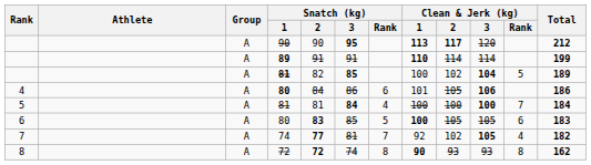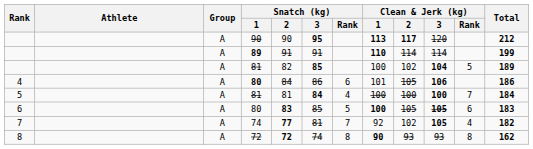 <table class = "wikitable" style="text-align:center;">
 <tr>
 <th rowspan=2 width=40>Rank</th>
 <th rowspan=2 width=250>Athlete</th>
 <th rowspan=2 width=50>Group</th>
 <th colspan=4>Snatch (kg)</th>
 <th colspan=4>Clean & Jerk (kg)</th>
 <th rowspan=2 width=60>Total</th>
 </tr>
 <tr>
 <th width=40>1</th>
 <th width=40>2</th>
 <th width=40>3</th>
 <th width=40>Rank</th>
 <th width=40>1</th>
 <th width=40>2</th>
 <th width=40>3</th>
 <th width=40>Rank</th>
 </tr>
 <tr>
 <td></td>
 <td align=left></td>
 <td>A</td>
 <td><s>90</s></td>
 <td>90</td>
 <td><strong>95</strong></td>
 <td></td>
 <td><strong>113</strong></td>
 <td><strong>117</strong></td>
 <td><s>120</s></td>
 <td></td>
 <td><strong>212</strong></td>
 </tr>
 <tr>
 <td></td>
 <td align=left></td>
 <td>A</td>
 <td><strong>89</strong></td>
 <td><s>91</s></td>
 <td><s>91</s></td>
 <td></td>
 <td><strong>110</strong></td>
 <td><s>114</s></td>
 <td><s>114</s></td>
 <td></td>
 <td><strong>199</strong></td>
 </tr>
 <tr>
 <td></td>
 <td align=left></td>
 <td>A</td>
-<td><strong><s>81</s></strong></td>
+<td><s>81</s></td>
 <td>82</td>
 <td><strong>85</strong></td>
 <td></td>
 <td>100</td>
 <td>102</td>
 <td><strong>104</strong></td>
 <td>5</td>
 <td><strong>189</strong></td>
 </tr>
 <tr>
 <td>4</td>
 <td align=left></td>
 <td>A</td>
 <td><strong>80</strong></td>
 <td><s>84</s></td>
 <td><s>86</s></td>
 <td>6</td>
 <td>101</td>
 <td><s>105</s></td>
 <td><strong>106</strong></td>
 <td></td>
 <td><strong>186</strong></td>
 </tr>
 <tr>
 <td>5</td>
 <td align=left></td>
 <td>A</td>
 <td><s>81</s></td>
 <td>81</td>
 <td><strong>84</strong></td>
 <td>4</td>
 <td><s>100</s></td>
 <td><s>100</s></td>
 <td><strong>100</strong></td>
 <td>7</td>
 <td><strong>184</strong></td>
 </tr>
 <tr>
 <td>6</td>
 <td align=left></td>
 <td>A</td>
 <td>80</td>
 <td><strong>83</strong></td>
 <td><s>85</s></td>
 <td>5</td>
 <td><strong>100</strong></td>
 <td><s>105</s></td>
-<td><s>105</s></td>
+<td><strong><s>105</s></strong></td>
 <td>6</td>
 <td><strong>183</strong></td>
 </tr>
 <tr>
 <td>7</td>
 <td align=left></td>
 <td>A</td>
 <td>74</td>
 <td><strong>77</strong></td>
 <td><s>81</s></td>
 <td>7</td>
 <td>92</td>
 <td>102</td>
 <td><strong>105</strong></td>
 <td>4</td>
 <td><strong>182</strong></td>
 </tr>
 <tr>
 <td>8</td>
 <td align=left></td>
 <td>A</td>
 <td><s>72</s></td>
 <td><strong>72</strong></td>
 <td><s>74</s></td>
 <td>8</td>
 <td><strong>90</strong></td>
 <td><s>93</s></td>
 <td><s>93</s></td>
 <td>8</td>
 <td><strong>162</strong></td>
 </tr>
 </table>
